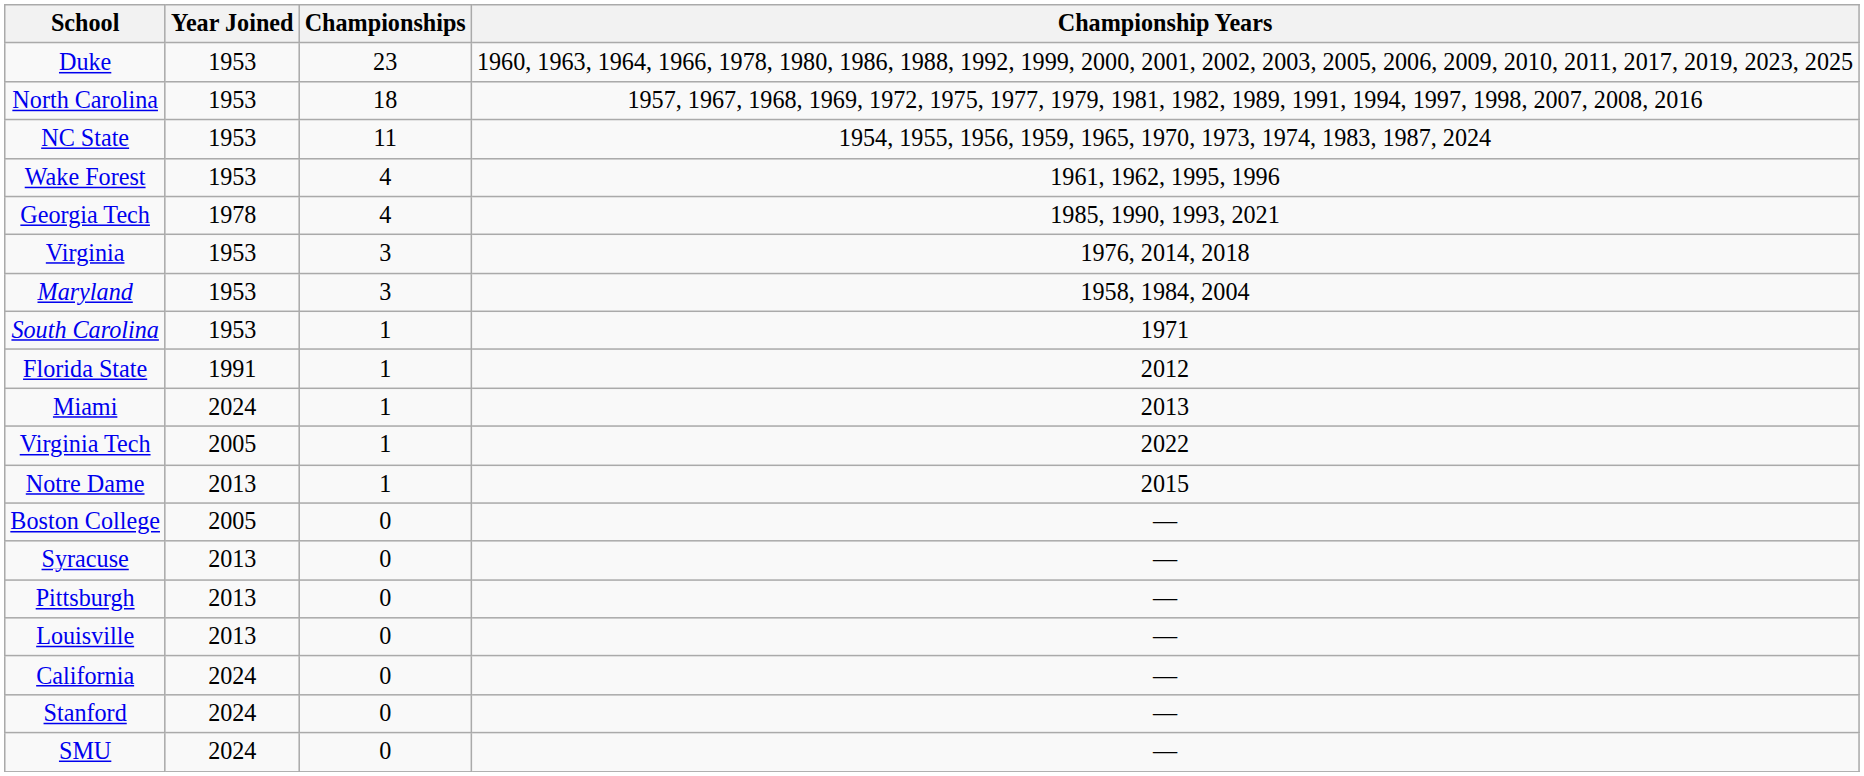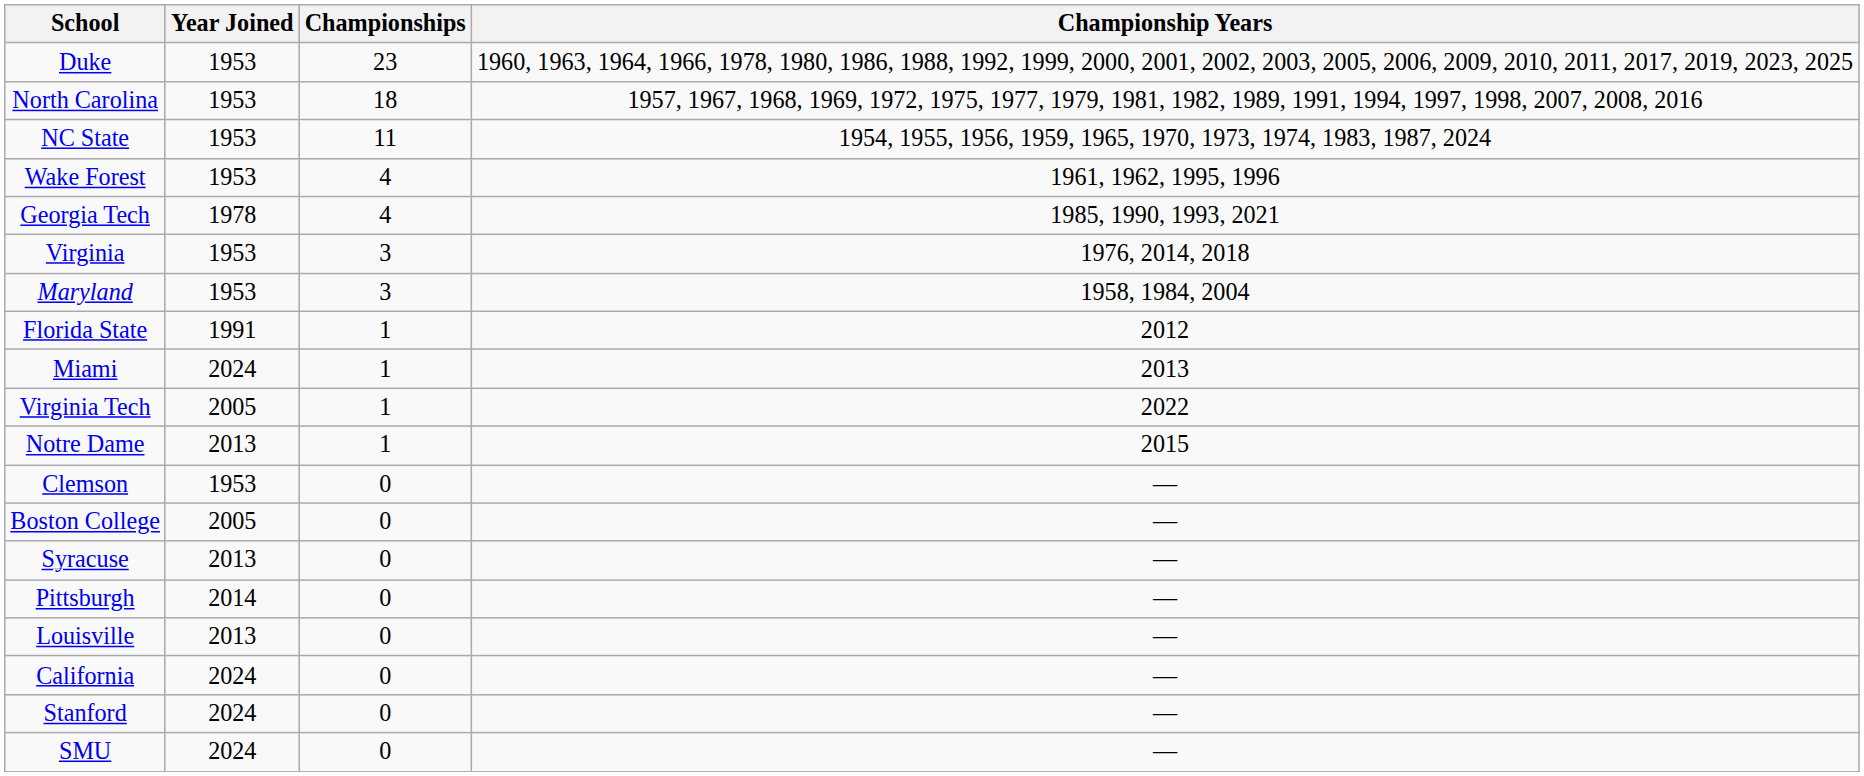 <table class="wikitable sortable" style="text-align:center">
 <tr>
 <th width=px>School</th>
 <th width=px>Year Joined</th>
 <th width=px>Championships</th>
 <th width=px>Championship Years</th>
 </tr>
 <tr>
 <td><a href='#'>Duke</a></td>
 <td align=center>1953</td>
 <td align=center>23</td>
 <td>1960, 1963, 1964, 1966, 1978, 1980, 1986, 1988, 1992, 1999, 2000, 2001, 2002, 2003, 2005, 2006, 2009, 2010, 2011, 2017, 2019, 2023, 2025</td>
 </tr>
 <tr>
 <td><a href='#'>North Carolina</a></td>
 <td align=center>1953</td>
 <td align=center>18</td>
 <td>1957, 1967, 1968, 1969, 1972, 1975, 1977, 1979, 1981, 1982, 1989, 1991, 1994, 1997, 1998, 2007, 2008, 2016</td>
 </tr>
 <tr>
 <td><a href='#'>NC State</a></td>
 <td align=center>1953</td>
 <td align=center>11</td>
 <td>1954, 1955, 1956, 1959, 1965, 1970, 1973, 1974, 1983, 1987, 2024</td>
 </tr>
 <tr>
 <td><a href='#'>Wake Forest</a></td>
 <td align=center>1953</td>
 <td align=center>4</td>
 <td>1961, 1962, 1995, 1996</td>
 </tr>
 <tr>
 <td><a href='#'>Georgia Tech</a></td>
 <td align=center>1978</td>
 <td align=center>4</td>
 <td>1985, 1990, 1993, 2021</td>
 </tr>
 <tr>
 <td><a href='#'>Virginia</a></td>
 <td align=center>1953</td>
 <td align=center>3</td>
 <td>1976, 2014, 2018</td>
 </tr>
 <tr>
 <td><em><a href='#'>Maryland</a></em></td>
 <td align=center>1953</td>
 <td align=center>3</td>
 <td>1958, 1984, 2004</td>
 </tr>
 <tr>
-<td><em><a href='#'>South Carolina</a></em></td>
-<td align=center>1953</td>
-<td align=center>1</td>
-<td>1971</td>
-</tr>
-<tr>
 <td><a href='#'>Florida State</a></td>
 <td align=center>1991</td>
 <td align=center>1</td>
 <td>2012</td>
 </tr>
 <tr>
 <td><a href='#'>Miami</a></td>
 <td align=center>2024</td>
 <td align=center>1</td>
 <td>2013</td>
 </tr>
 <tr>
 <td><a href='#'>Virginia Tech</a></td>
 <td align=center>2005</td>
 <td align=center>1</td>
 <td>2022</td>
 </tr>
 <tr>
 <td><a href='#'>Notre Dame</a></td>
 <td align=center>2013</td>
 <td align=center>1</td>
 <td>2015</td>
 </tr>
 <tr>
+<td><a href='#'>Clemson</a></td>
+<td align=center>1953</td>
+<td align=center>0</td>
+<td align=center>—</td>
+</tr>
+<tr>
 <td><a href='#'>Boston College</a></td>
 <td align=center>2005</td>
 <td align=center>0</td>
 <td align=center>—</td>
 </tr>
 <tr>
 <td><a href='#'>Syracuse</a></td>
 <td align=center>2013</td>
 <td align=center>0</td>
 <td align=center>—</td>
 </tr>
 <tr>
 <td><a href='#'>Pittsburgh</a></td>
-<td align=center>2013</td>
+<td align=center>2014</td>
 <td align=center>0</td>
 <td align=center>—</td>
 </tr>
 <tr>
 <td><a href='#'>Louisville</a></td>
 <td align=center>2013</td>
 <td align=center>0</td>
 <td align=center>—</td>
 </tr>
 <tr>
 <td><a href='#'>California</a></td>
 <td align=center>2024</td>
 <td align=center>0</td>
 <td align=center>—</td>
 </tr>
 <tr>
 <td><a href='#'>Stanford</a></td>
 <td align=center>2024</td>
 <td align=center>0</td>
 <td align=center>—</td>
 </tr>
 <tr>
 <td><a href='#'>SMU</a></td>
 <td align=center>2024</td>
 <td align=center>0</td>
 <td align=center>—</td>
 </tr>
 </table>
